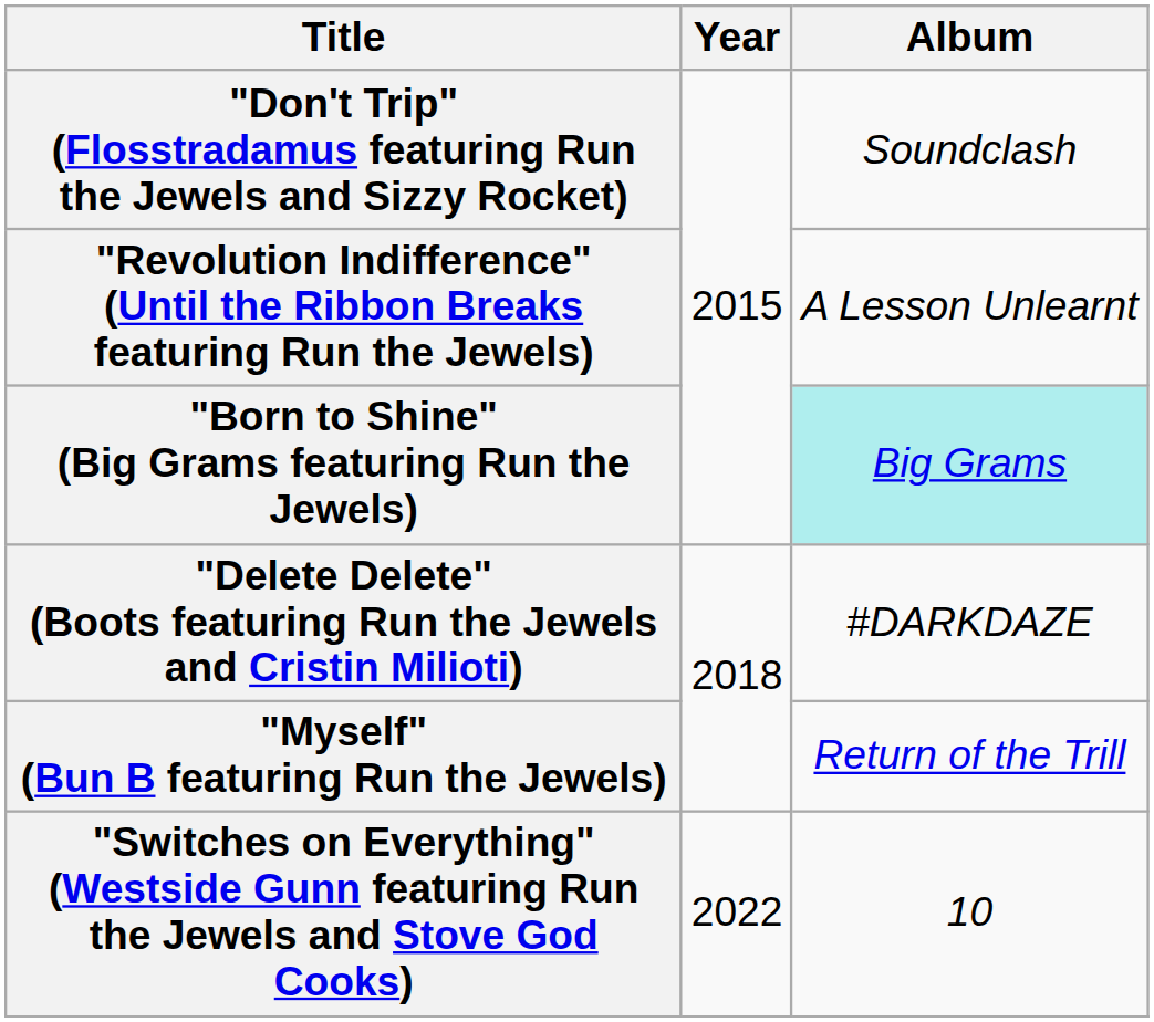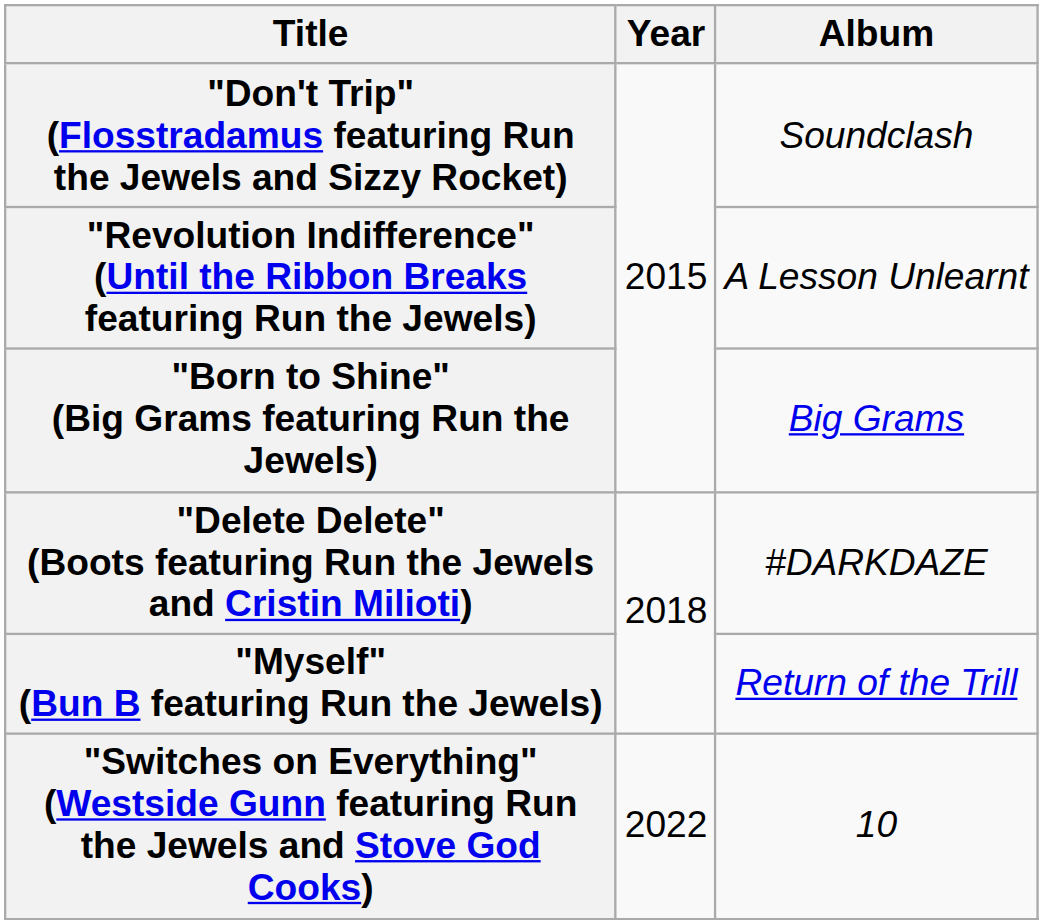 <table class="wikitable plainrowheaders" style="text-align:center;">
 <tr>
 <th scope="col" style="width:16em;">Title</th>
 <th scope="col">Year</th>
 <th scope="col">Album</th>
 </tr>
 <tr>
 <th scope="row">"Don't Trip"<br><span>(<a href='#'>Flosstradamus</a> featuring Run the Jewels and Sizzy Rocket)</span></th>
 <td rowspan="3">2015</td>
 <td><em>Soundclash</em></td>
 </tr>
 <tr>
 <th scope="row">"Revolution Indifference"<br><span>(<a href='#'>Until the Ribbon Breaks</a> featuring Run the Jewels)</span></th>
 <td><em>A Lesson Unlearnt</em></td>
 </tr>
 <tr>
 <th scope="row">"Born to Shine"<br><span>(Big Grams featuring Run the Jewels)</span></th>
-<td style="background: paleturquoise;"><em><a href='#'>Big Grams</a></em></td>
+<td><em><a href='#'>Big Grams</a></em></td>
 </tr>
 <tr>
 <th scope="row">"Delete Delete"<br><span>(Boots featuring Run the Jewels and <a href='#'>Cristin Milioti</a>)</span></th>
 <td rowspan="2">2018</td>
 <td><em>#DARKDAZE</em></td>
 </tr>
 <tr>
 <th scope="row">"Myself"<br><span>(<a href='#'>Bun B</a> featuring Run the Jewels)</span></th>
 <td><em><a href='#'>Return of the Trill</a></em></td>
 </tr>
 <tr>
 <th scope="row">"Switches on Everything"<br><span>(<a href='#'>Westside Gunn</a> featuring Run the Jewels and <a href='#'>Stove God Cooks</a>)</span></th>
 <td rowspan="1">2022</td>
 <td><em>10</em></td>
 </tr>
 <tr>
 </tr>
 </table>
